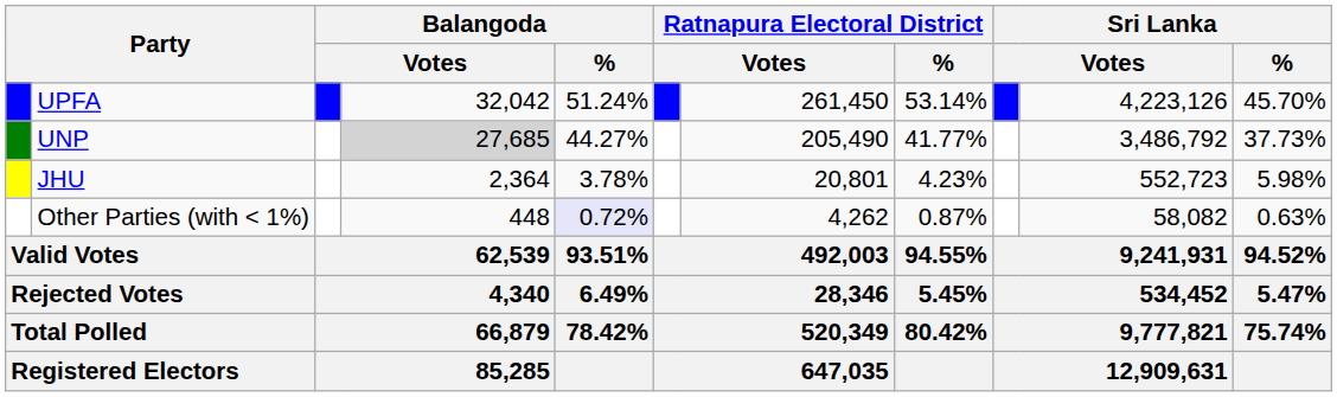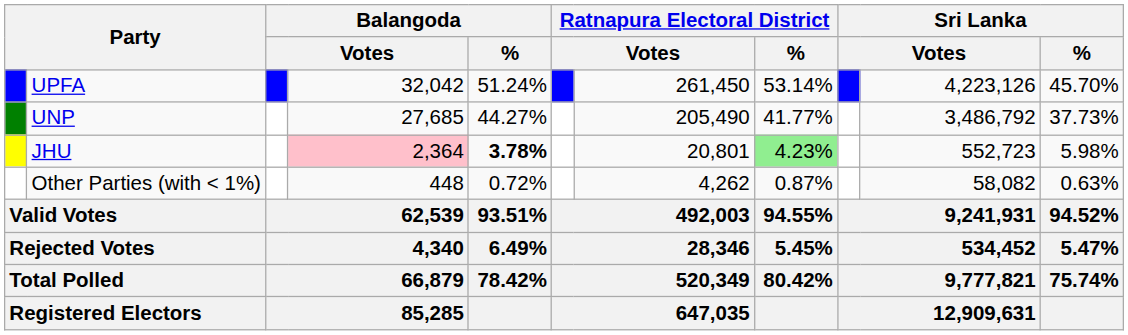 <table class="wikitable">
 <tr>
 <th colspan="2" width="144px"rowspan="2">Party</th>
 <th colspan="3" width="216px">Balangoda</th>
 <th colspan="3" width="216px"><a href='#'>Ratnapura Electoral District</a></th>
 <th colspan="3" width="216px">Sri Lanka</th>
 </tr>
 <tr>
 <th colspan="2" width="144px">Votes</th>
 <th>%</th>
 <th colspan="2" width="144px">Votes</th>
 <th>%</th>
 <th colspan="2" width="144px">Votes</th>
 <th>%</th>
 </tr>
 <tr>
 <td style="background-color:blue;" width="10px"></td>
 <td style="text-align:left;"><a href='#'>UPFA</a></td>
 <td style="background-color:blue;" width="10px"></td>
 <td style="text-align:right;">32,042</td>
 <td style="text-align:right;">51.24%</td>
 <td style="background-color:blue;" width="10px"></td>
 <td style="text-align:right;">261,450</td>
 <td style="text-align:right;">53.14%</td>
 <td style="background-color:blue;" width="10px"></td>
 <td style="text-align:right;">4,223,126</td>
 <td style="text-align:right;">45.70%</td>
 </tr>
 <tr>
 <td style="background-color:green;" width="10px"></td>
 <td style="text-align:left;"><a href='#'>UNP</a></td>
 <td style="background-color:white;" width="10px"></td>
-<td style="background: lightgrey; text-align:right;">27,685</td>
+<td style="text-align:right;">27,685</td>
 <td style="text-align:right;">44.27%</td>
 <td style="background-color:white;" width="10px"></td>
 <td style="text-align:right;">205,490</td>
 <td style="text-align:right;">41.77%</td>
 <td style="background-color:white;" width="10px"></td>
 <td style="text-align:right;">3,486,792</td>
 <td style="text-align:right;">37.73%</td>
 </tr>
 <tr>
 <td style="background-color:yellow;" width="10px"></td>
 <td style="text-align:left;"><a href='#'>JHU</a></td>
 <td style="background-color:white;" width="10px"></td>
-<td style="text-align:right;">2,364</td>
-<td style="text-align:right;">3.78%</td>
+<td style="background: pink; text-align:right;">2,364</td>
+<td style="text-align:right;"><strong>3.78%</strong></td>
 <td style="background-color:white;" width="10px"></td>
 <td style="text-align:right;">20,801</td>
-<td style="text-align:right;">4.23%</td>
+<td style="background: lightgreen; text-align:right;">4.23%</td>
 <td style="background-color:white;" width="10px"></td>
 <td style="text-align:right;">552,723</td>
 <td style="text-align:right;">5.98%</td>
 </tr>
 <tr>
 <td style="background-color:white;" width="10px"></td>
 <td style="text-align:left;">Other Parties (with < 1%)</td>
 <td style="background-color:white;" width="10px"></td>
 <td style="text-align:right;">448</td>
-<td style="background: lavender; text-align:right;">0.72%</td>
+<td style="text-align:right;">0.72%</td>
 <td style="background-color:white;" width="10px"></td>
 <td style="text-align:right;">4,262</td>
 <td style="text-align:right;">0.87%</td>
 <td style="background-color:white;" width="10px"></td>
 <td style="text-align:right;">58,082</td>
 <td style="text-align:right;">0.63%</td>
 </tr>
 <tr>
 <th colspan="2" width="144px"style="text-align:left;">Valid Votes</th>
 <th style="text-align:right;"colspan="2" width="144px">62,539</th>
 <th style="text-align:right;">93.51%</th>
 <th style="text-align:right;"colspan="2" width="144px">492,003</th>
 <th style="text-align:right;">94.55%</th>
 <th style="text-align:right;"colspan="2" width="144px">9,241,931</th>
 <th style="text-align:right;">94.52%</th>
 </tr>
 <tr>
 <th colspan="2" width="144px"style="text-align:left;">Rejected Votes</th>
 <th style="text-align:right;"colspan="2" width="144px">4,340</th>
 <th style="text-align:right;">6.49%</th>
 <th style="text-align:right;"colspan="2" width="144px">28,346</th>
 <th style="text-align:right;">5.45%</th>
 <th style="text-align:right;"colspan="2" width="144px">534,452</th>
 <th style="text-align:right;">5.47%</th>
 </tr>
 <tr>
 <th colspan="2" width="144px"style="text-align:left;">Total Polled</th>
 <th style="text-align:right;"colspan="2" width="144px">66,879</th>
 <th style="text-align:right;">78.42%</th>
 <th style="text-align:right;"colspan="2" width="144px">520,349</th>
 <th style="text-align:right;">80.42%</th>
 <th style="text-align:right;"colspan="2" width="144px">9,777,821</th>
 <th style="text-align:right;">75.74%</th>
 </tr>
 <tr>
 <th colspan="2" width="144px"style="text-align:left;">Registered Electors</th>
 <th style="text-align:right;"colspan="2" width="144px">85,285</th>
 <th></th>
 <th style="text-align:right;"colspan="2" width="144px">647,035</th>
 <th></th>
 <th style="text-align:right;"colspan="2" width="144px">12,909,631</th>
 <th></th>
 </tr>
 </table>
